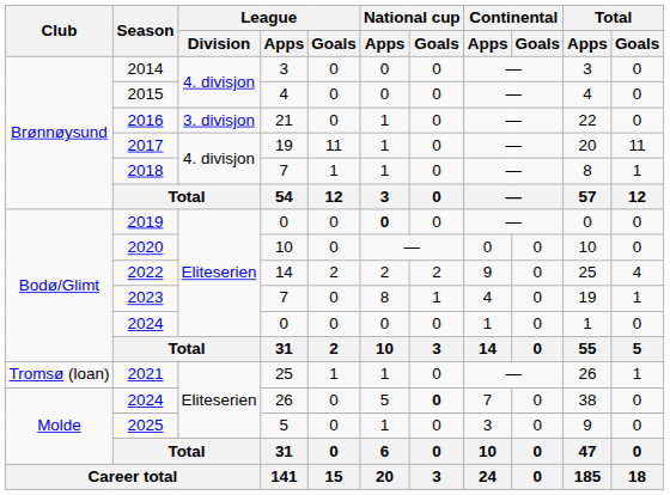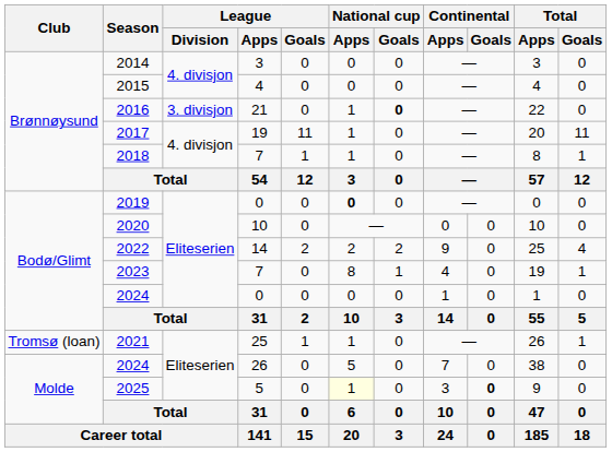 <table class="wikitable" style="text-align: center;">
 <tr>
 <th rowspan="2">Club</th>
 <th rowspan="2">Season</th>
 <th colspan="3">League</th>
 <th colspan="2">National cup</th>
 <th colspan="2">Continental</th>
 <th colspan="2">Total</th>
 </tr>
 <tr>
 <th>Division</th>
 <th>Apps</th>
 <th>Goals</th>
 <th>Apps</th>
 <th>Goals</th>
 <th>Apps</th>
 <th>Goals</th>
 <th>Apps</th>
 <th>Goals</th>
 </tr>
 <tr>
 <td rowspan="6"><a href='#'>Brønnøysund</a></td>
 <td>2014</td>
 <td rowspan="2"><a href='#'>4. divisjon</a></td>
 <td>3</td>
 <td>0</td>
 <td>0</td>
 <td>0</td>
 <td colspan="2">—</td>
 <td>3</td>
 <td>0</td>
 </tr>
 <tr>
 <td>2015</td>
 <td>4</td>
 <td>0</td>
 <td>0</td>
 <td>0</td>
 <td colspan="2">—</td>
 <td>4</td>
 <td>0</td>
 </tr>
 <tr>
 <td><a href='#'>2016</a></td>
 <td><a href='#'>3. divisjon</a></td>
 <td>21</td>
 <td>0</td>
 <td>1</td>
-<td>0</td>
+<td><strong>0</strong></td>
 <td colspan="2">—</td>
 <td>22</td>
 <td>0</td>
 </tr>
 <tr>
 <td><a href='#'>2017</a></td>
 <td rowspan="2">4. divisjon</td>
 <td>19</td>
 <td>11</td>
 <td>1</td>
 <td>0</td>
 <td colspan="2">—</td>
 <td>20</td>
 <td>11</td>
 </tr>
 <tr>
 <td><a href='#'>2018</a></td>
 <td>7</td>
 <td>1</td>
 <td>1</td>
 <td>0</td>
 <td colspan="2">—</td>
 <td>8</td>
 <td>1</td>
 </tr>
 <tr>
 <th colspan="2">Total</th>
 <th>54</th>
 <th>12</th>
 <th>3</th>
 <th>0</th>
 <th colspan="2">—</th>
 <th>57</th>
 <th>12</th>
 </tr>
 <tr>
 <td rowspan="6"><a href='#'>Bodø/Glimt</a></td>
 <td><a href='#'>2019</a></td>
 <td rowspan="5"><a href='#'>Eliteserien</a></td>
 <td>0</td>
 <td>0</td>
 <td><strong>0</strong></td>
 <td>0</td>
 <td colspan="2">—</td>
 <td>0</td>
 <td>0</td>
 </tr>
 <tr>
 <td><a href='#'>2020</a></td>
 <td>10</td>
 <td>0</td>
 <td colspan="2">—</td>
 <td>0</td>
 <td>0</td>
 <td>10</td>
 <td>0</td>
 </tr>
 <tr>
 <td><a href='#'>2022</a></td>
 <td>14</td>
 <td>2</td>
 <td>2</td>
 <td>2</td>
 <td>9</td>
 <td>0</td>
 <td>25</td>
 <td>4</td>
 </tr>
 <tr>
 <td><a href='#'>2023</a></td>
 <td>7</td>
 <td>0</td>
 <td>8</td>
 <td>1</td>
 <td>4</td>
 <td>0</td>
 <td>19</td>
 <td>1</td>
 </tr>
 <tr>
 <td><a href='#'>2024</a></td>
 <td>0</td>
 <td>0</td>
 <td>0</td>
 <td>0</td>
 <td>1</td>
 <td>0</td>
 <td>1</td>
 <td>0</td>
 </tr>
 <tr>
 <th colspan="2">Total</th>
 <th>31</th>
 <th>2</th>
 <th>10</th>
 <th>3</th>
 <th>14</th>
 <th>0</th>
 <th>55</th>
 <th>5</th>
 </tr>
 <tr>
 <td><a href='#'>Tromsø</a> (loan)</td>
 <td><a href='#'>2021</a></td>
 <td rowspan="3">Eliteserien</td>
 <td>25</td>
 <td>1</td>
 <td>1</td>
 <td>0</td>
 <td colspan="2">—</td>
 <td>26</td>
 <td>1</td>
 </tr>
 <tr>
 <td rowspan="3"><a href='#'>Molde</a></td>
 <td><a href='#'>2024</a></td>
 <td>26</td>
 <td>0</td>
 <td>5</td>
-<td><strong>0</strong></td>
+<td>0</td>
 <td>7</td>
 <td>0</td>
 <td>38</td>
 <td>0</td>
 </tr>
 <tr>
 <td><a href='#'>2025</a></td>
 <td>5</td>
 <td>0</td>
-<td>1</td>
+<td style="background: lightyellow;">1</td>
 <td>0</td>
 <td>3</td>
-<td>0</td>
+<td><strong>0</strong></td>
 <td>9</td>
 <td>0</td>
 </tr>
 <tr>
 <th colspan="2">Total</th>
 <th>31</th>
 <th>0</th>
 <th>6</th>
 <th>0</th>
 <th>10</th>
 <th>0</th>
 <th>47</th>
 <th>0</th>
 </tr>
 <tr>
 <th colspan="3">Career total</th>
 <th>141</th>
 <th>15</th>
 <th>20</th>
 <th>3</th>
 <th>24</th>
 <th>0</th>
 <th>185</th>
 <th>18</th>
 </tr>
 </table>
